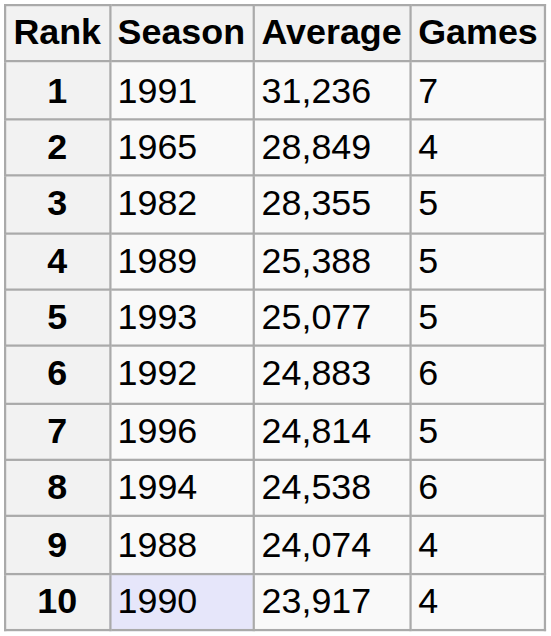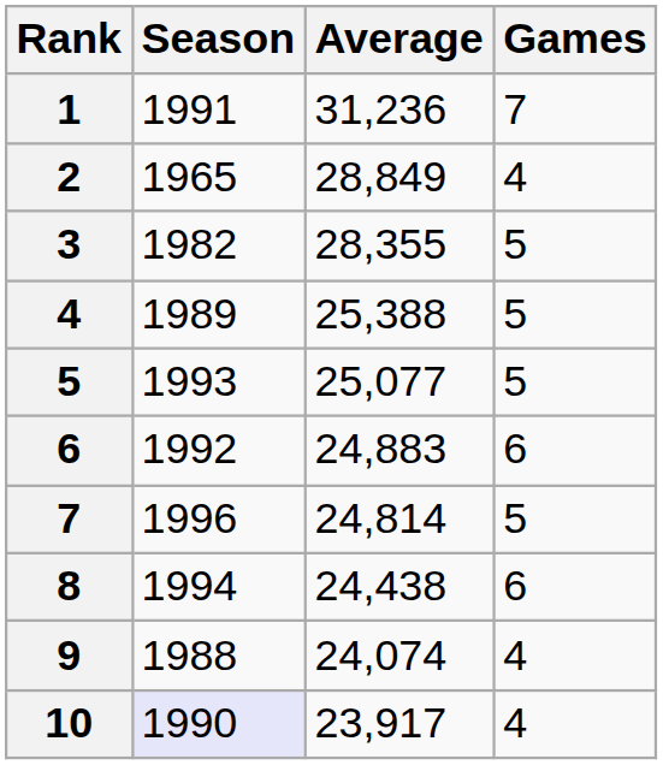 <table class="wikitable sortable">
 <tr>
 <th>Rank</th>
 <th>Season</th>
 <th>Average</th>
 <th>Games</th>
 </tr>
 <tr>
 <th>1</th>
 <td>1991</td>
 <td>31,236</td>
 <td>7</td>
 </tr>
 <tr>
 <th>2</th>
 <td>1965</td>
 <td>28,849</td>
 <td>4</td>
 </tr>
 <tr>
 <th>3</th>
 <td>1982</td>
 <td>28,355</td>
 <td>5</td>
 </tr>
 <tr>
 <th>4</th>
 <td>1989</td>
 <td>25,388</td>
 <td>5</td>
 </tr>
 <tr>
 <th>5</th>
 <td>1993</td>
 <td>25,077</td>
 <td>5</td>
 </tr>
 <tr>
 <th>6</th>
 <td>1992</td>
 <td>24,883</td>
 <td>6</td>
 </tr>
 <tr>
 <th>7</th>
 <td>1996</td>
 <td>24,814</td>
 <td>5</td>
 </tr>
 <tr>
 <th>8</th>
 <td>1994</td>
-<td>24,538</td>
+<td>24,438</td>
 <td>6</td>
 </tr>
 <tr>
 <th>9</th>
 <td>1988</td>
 <td>24,074</td>
 <td>4</td>
 </tr>
 <tr>
 <th>10</th>
 <td style="background: lavender;">1990</td>
 <td>23,917</td>
 <td>4</td>
 </tr>
 </table>
